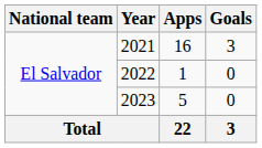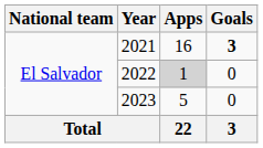 <table class="wikitable" style="text-align:center">
 <tr>
 <th>National team</th>
 <th>Year</th>
 <th>Apps</th>
 <th>Goals</th>
 </tr>
 <tr>
 <td rowspan="3"><a href='#'>El Salvador</a></td>
 <td>2021</td>
 <td>16</td>
-<td>3</td>
+<td><strong>3</strong></td>
 </tr>
 <tr>
 <td>2022</td>
-<td>1</td>
+<td style="background: lightgrey;">1</td>
 <td>0</td>
 </tr>
 <tr>
 <td>2023</td>
 <td>5</td>
 <td>0</td>
 </tr>
 <tr>
 <th colspan="2">Total</th>
 <th>22</th>
 <th>3</th>
 </tr>
 </table>
